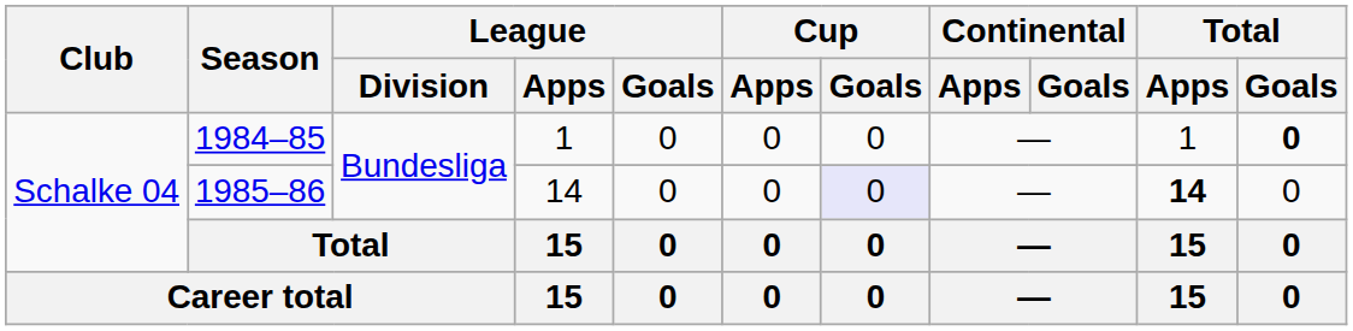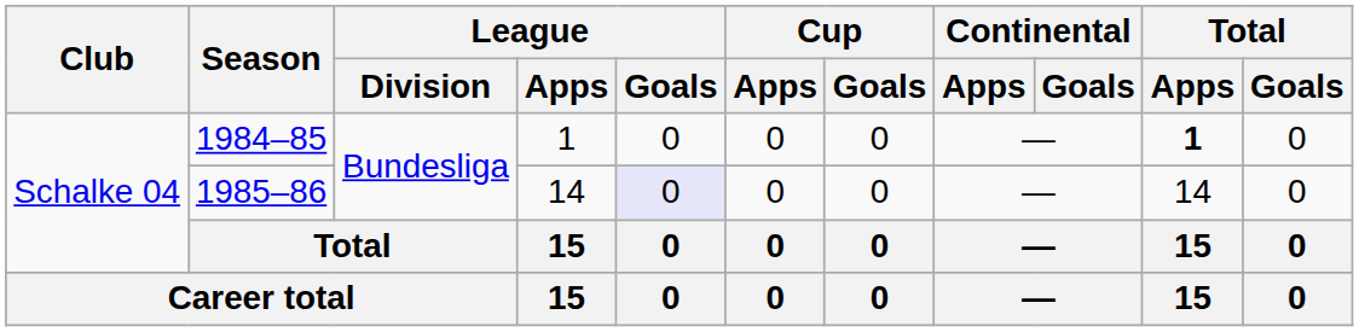 <table class=wikitable style="text-align: center">
 <tr>
 <th rowspan=2>Club</th>
 <th rowspan=2>Season</th>
 <th colspan=3>League</th>
 <th colspan=2>Cup</th>
 <th colspan=2>Continental</th>
 <th colspan=2>Total</th>
 </tr>
 <tr>
 <th>Division</th>
 <th>Apps</th>
 <th>Goals</th>
 <th>Apps</th>
 <th>Goals</th>
 <th>Apps</th>
 <th>Goals</th>
 <th>Apps</th>
 <th>Goals</th>
 </tr>
 <tr>
 <td rowspan=3><a href='#'>Schalke 04</a></td>
 <td><a href='#'>1984–85</a></td>
 <td rowspan=2><a href='#'>Bundesliga</a></td>
 <td>1</td>
 <td>0</td>
 <td>0</td>
 <td>0</td>
 <td colspan=2>—</td>
-<td>1</td>
-<td><strong>0</strong></td>
+<td><strong>1</strong></td>
+<td>0</td>
 </tr>
 <tr>
 <td><a href='#'>1985–86</a></td>
 <td>14</td>
+<td style="background: lavender;">0</td>
 <td>0</td>
 <td>0</td>
-<td style="background: lavender;">0</td>
 <td colspan=2>—</td>
-<td><strong>14</strong></td>
+<td>14</td>
 <td>0</td>
 </tr>
 <tr>
 <th colspan=2>Total</th>
 <th>15</th>
 <th>0</th>
 <th>0</th>
 <th>0</th>
 <th colspan=2>—</th>
 <th>15</th>
 <th>0</th>
 </tr>
 <tr>
 <th colspan=3>Career total</th>
 <th>15</th>
 <th>0</th>
 <th>0</th>
 <th>0</th>
 <th colspan=2>—</th>
 <th>15</th>
 <th>0</th>
 </tr>
 </table>
